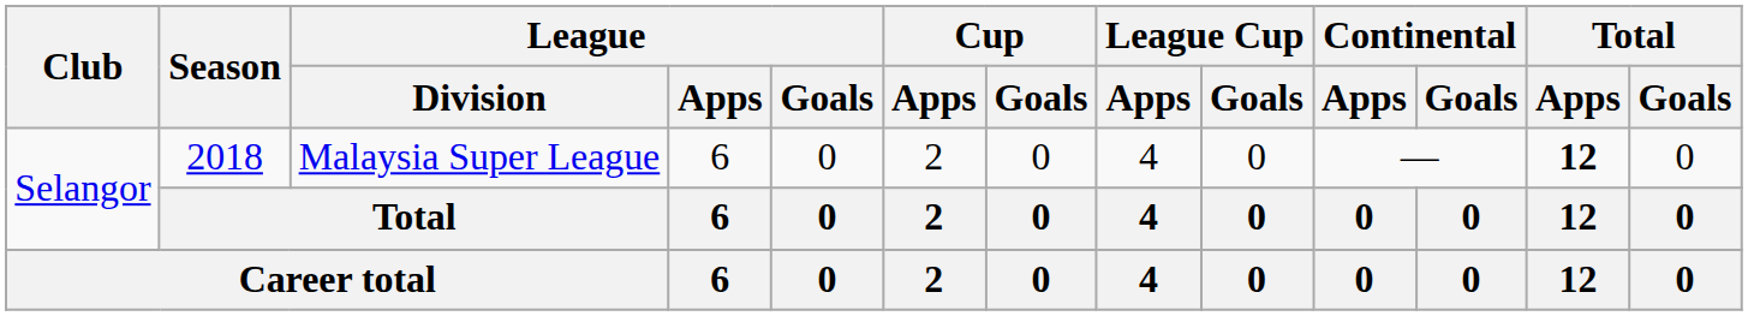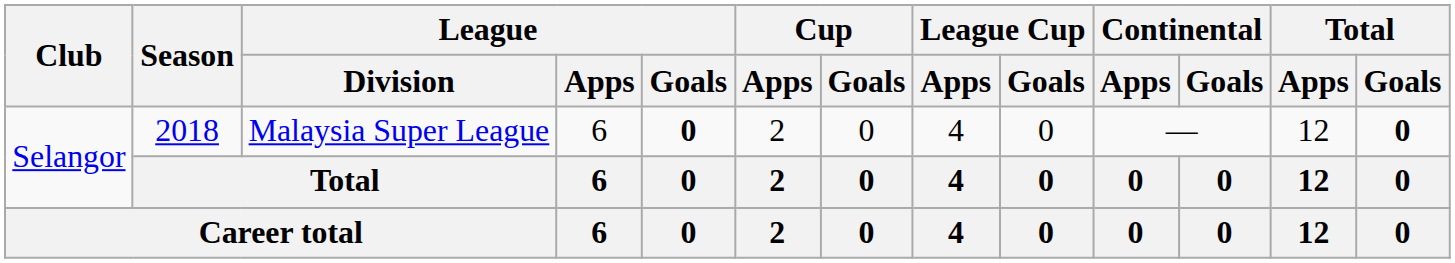 <table class="wikitable" style="text-align:center;">
 <tr>
 <th rowspan="2">Club</th>
 <th rowspan="2">Season</th>
 <th colspan="3">League</th>
 <th colspan="2">Cup</th>
 <th colspan="2">League Cup</th>
 <th colspan=2>Continental</th>
 <th colspan=2>Total</th>
 </tr>
 <tr>
 <th>Division</th>
 <th>Apps</th>
 <th>Goals</th>
 <th>Apps</th>
 <th>Goals</th>
 <th>Apps</th>
 <th>Goals</th>
 <th>Apps</th>
 <th>Goals</th>
 <th>Apps</th>
 <th>Goals</th>
 </tr>
 <tr>
 <td rowspan="2"><a href='#'>Selangor</a></td>
 <td><a href='#'>2018</a></td>
 <td><a href='#'>Malaysia Super League</a></td>
 <td>6</td>
-<td>0</td>
+<td><strong>0</strong></td>
 <td>2</td>
 <td>0</td>
 <td>4</td>
 <td>0</td>
 <td colspan=2>—</td>
-<td><strong>12</strong></td>
-<td>0</td>
+<td>12</td>
+<td><strong>0</strong></td>
 </tr>
 <tr>
 <th colspan=2>Total</th>
 <th>6</th>
 <th>0</th>
 <th>2</th>
 <th>0</th>
 <th>4</th>
 <th>0</th>
 <th>0</th>
 <th>0</th>
 <th>12</th>
 <th>0</th>
 </tr>
 <tr>
 <th colspan="3">Career total</th>
 <th>6</th>
 <th>0</th>
 <th>2</th>
 <th>0</th>
 <th>4</th>
 <th>0</th>
 <th>0</th>
 <th>0</th>
 <th>12</th>
 <th>0</th>
 </tr>
 </table>
